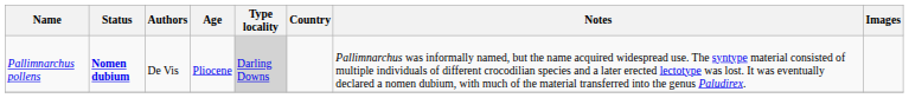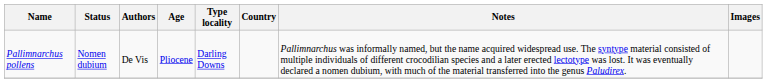 <table class="wikitable sortable" align="center" width="100%">
 <tr>
 <th>Name</th>
 <th>Status</th>
 <th>Authors</th>
 <th>Age</th>
 <th>Type locality</th>
 <th>Country</th>
 <th>Notes</th>
 <th>Images</th>
 </tr>
 <tr>
 <td><br><em><a href='#'>Pallimnarchus pollens</a></em></td>
-<td><strong><br><a href='#'>Nomen dubium</a></strong></td>
+<td><br><a href='#'>Nomen dubium</a></td>
 <td><br>De Vis</td>
 <td><br><a href='#'>Pliocene</a></td>
-<td style="background: lightgrey;"><br><a href='#'>Darling Downs</a></td>
+<td><br><a href='#'>Darling Downs</a></td>
 <td><br></td>
 <td><br><em>Pallimnarchus</em> was informally named, but the name acquired widespread use. The <a href='#'>syntype</a> material consisted of multiple individuals of different crocodilian species and a later erected <a href='#'>lectotype</a> was lost. It was eventually declared a nomen dubium, with much of the material transferred into the genus <em><a href='#'>Paludirex</a></em>.</td>
 <td><br></td>
 </tr>
 <tr>
 </tr>
 </table>
